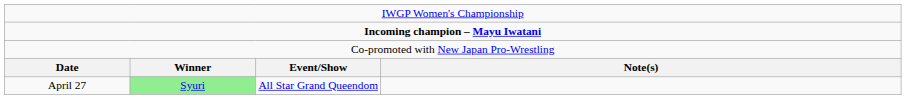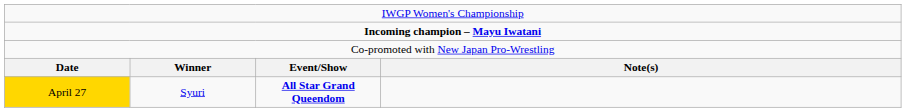 <table class="wikitable" style="text-align:center; width:100%;">
 <tr>
 <td colspan="4" style="text-align: center;"><a href='#'>IWGP Women's Championship</a></td>
 </tr>
 <tr>
 <td colspan="4" style="text-align: center;"><strong>Incoming champion – <a href='#'>Mayu Iwatani</a></strong></td>
 </tr>
 <tr>
 <td colspan=4>Co-promoted with <a href='#'>New Japan Pro-Wrestling</a></td>
 </tr>
 <tr>
 <th width=14%>Date</th>
 <th width=14%>Winner</th>
 <th width=14%>Event/Show</th>
 <th width=58%>Note(s)</th>
 </tr>
 <tr>
-<td>April 27</td>
-<td style="background: lightgreen;"><a href='#'>Syuri</a></td>
-<td><a href='#'>All Star Grand Queendom</a></td>
+<td style="background: gold;">April 27</td>
+<td><a href='#'>Syuri</a></td>
+<td><strong><a href='#'>All Star Grand Queendom</a></strong></td>
 <td></td>
 </tr>
 </table>
